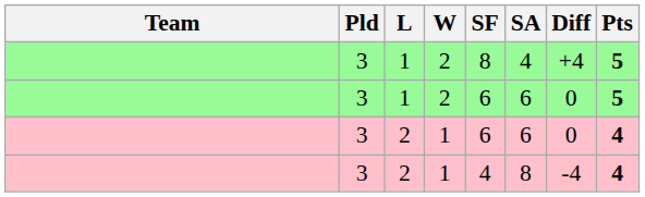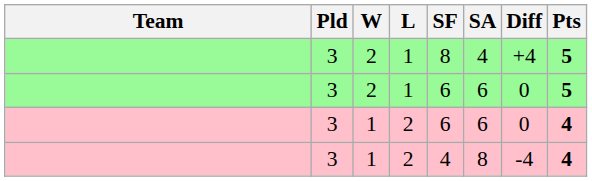 <table class=wikitable style="text-align:center">
 <tr>
 <th width=220>Team</th>
 <th width=20>Pld</th>
+<th width=20>W</th>
 <th width=20>L</th>
-<th width=20>W</th>
 <th width=20>SF</th>
 <th width=20>SA</th>
 <th width=20>Diff</th>
 <th width=20>Pts</th>
 </tr>
 <tr style="background: #98fb98">
 <td align=left></td>
 <td>3</td>
+<td>2</td>
 <td>1</td>
-<td>2</td>
 <td>8</td>
 <td>4</td>
 <td>+4</td>
 <td><strong>5</strong></td>
 </tr>
 <tr style="background: #98fb98">
 <td align=left></td>
 <td>3</td>
+<td>2</td>
 <td>1</td>
-<td>2</td>
 <td>6</td>
 <td>6</td>
 <td>0</td>
 <td><strong>5</strong></td>
 </tr>
 <tr style="background: pink">
 <td align=left></td>
 <td>3</td>
+<td>1</td>
 <td>2</td>
-<td>1</td>
 <td>6</td>
 <td>6</td>
 <td>0</td>
 <td><strong>4</strong></td>
 </tr>
 <tr style="background: pink">
 <td align=left></td>
 <td>3</td>
+<td>1</td>
 <td>2</td>
-<td>1</td>
 <td>4</td>
 <td>8</td>
 <td>-4</td>
 <td><strong>4</strong></td>
 </tr>
 </table>
